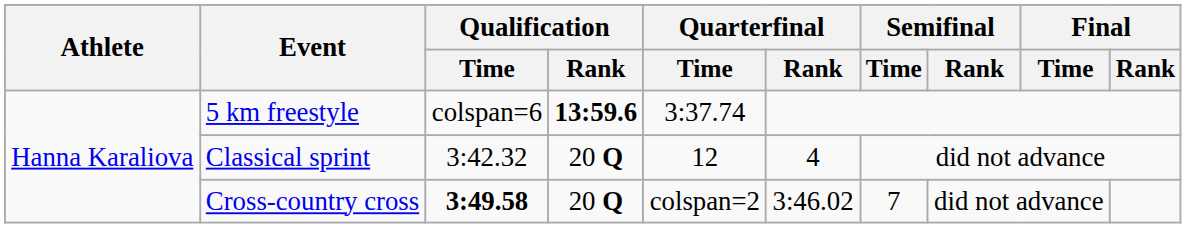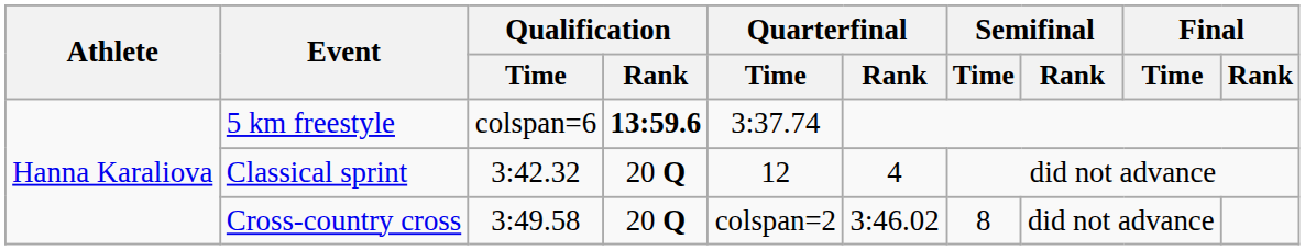 <table class="wikitable" style="font-size:90%">
 <tr>
 <th rowspan="2">Athlete</th>
 <th rowspan="2">Event</th>
 <th colspan="2">Qualification</th>
 <th colspan="2">Quarterfinal</th>
 <th colspan="2">Semifinal</th>
 <th colspan="2">Final</th>
 </tr>
 <tr style="font-size:95%">
 <th>Time</th>
 <th>Rank</th>
 <th>Time</th>
 <th>Rank</th>
 <th>Time</th>
 <th>Rank</th>
 <th>Time</th>
 <th>Rank</th>
 </tr>
 <tr align=center>
 <td align=left rowspan=3><a href='#'>Hanna Karaliova</a></td>
 <td align=left><a href='#'>5 km freestyle</a></td>
 <td>colspan=6 </td>
 <td><strong>13:59.6</strong></td>
 <td>3:37.74</td>
 </tr>
 <tr align=center>
 <td align=left><a href='#'>Classical sprint</a></td>
 <td>3:42.32</td>
 <td>20 <strong>Q</strong></td>
 <td>12</td>
 <td>4</td>
 <td colspan=4>did not advance</td>
 </tr>
 <tr align=center>
 <td align=left><a href='#'>Cross-country cross</a></td>
-<td><strong>3:49.58</strong></td>
+<td>3:49.58</td>
 <td>20 <strong>Q</strong></td>
 <td>colspan=2 </td>
 <td>3:46.02</td>
-<td>7</td>
+<td>8</td>
 <td colspan=2>did not advance</td>
 </tr>
 </table>
